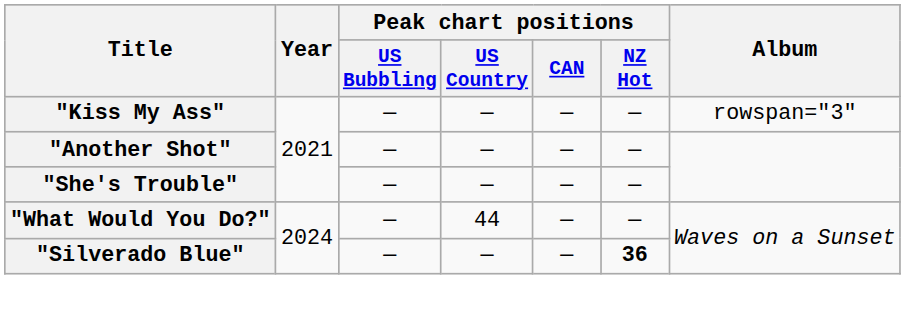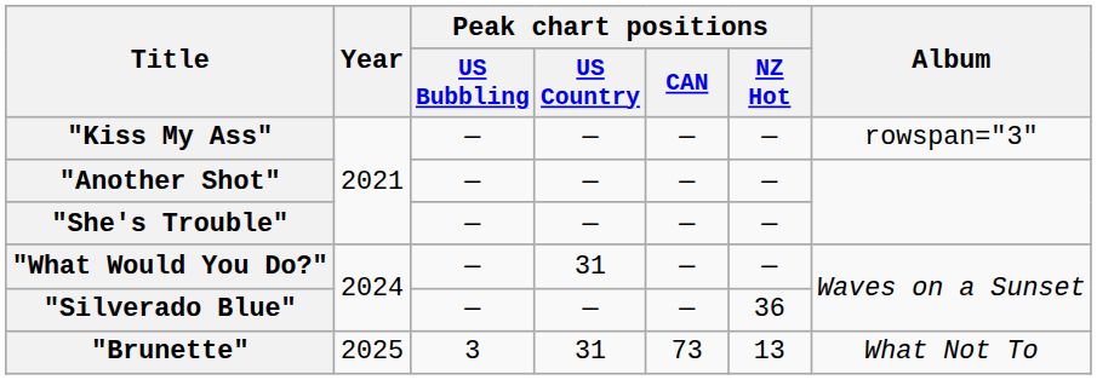 <table class="wikitable plainrowheaders" style="text-align:center;">
 <tr>
 <th scope="col" rowspan="2">Title</th>
 <th scope="col" rowspan="2">Year</th>
 <th scope="col" colspan="4">Peak chart positions</th>
 <th scope="col" rowspan="2">Album</th>
 </tr>
 <tr>
 <th scope="col" style="width:3em;font-size:90%;"><a href='#'>US<br>Bubbling</a><br></th>
 <th scope="col" style="width:3em;font-size:90%;"><a href='#'>US Country</a><br></th>
 <th scope="col" style="width:3em;font-size:90%;"><a href='#'>CAN</a><br></th>
 <th scope="col" style="width:3em;font-size:90%;"><a href='#'>NZ Hot</a><br></th>
 </tr>
 <tr>
 <th scope="row">"Kiss My Ass"</th>
 <td rowspan="3">2021</td>
 <td>—</td>
 <td>—</td>
 <td>—</td>
 <td>—</td>
 <td>rowspan="3" </td>
 </tr>
 <tr>
 <th scope="row">"Another Shot"</th>
 <td>—</td>
 <td>—</td>
 <td>—</td>
 <td>—</td>
 </tr>
 <tr>
 <th scope="row">"She's Trouble"</th>
 <td>—</td>
 <td>—</td>
 <td>—</td>
 <td>—</td>
 </tr>
 <tr>
 <th scope="row">"What Would You Do?"</th>
 <td rowspan="2">2024</td>
 <td>—</td>
-<td>44</td>
+<td>31</td>
 <td>—</td>
 <td>—</td>
 <td rowspan="2"><em>Waves on a Sunset</em></td>
 </tr>
 <tr>
 <th scope="row">"Silverado Blue"</th>
 <td>—</td>
 <td>—</td>
 <td>—</td>
-<td><strong>36</strong></td>
+<td>36</td>
+</tr>
+<tr>
+<th scope="row">"Brunette"</th>
+<td>2025</td>
+<td>3</td>
+<td>31</td>
+<td>73</td>
+<td>13</td>
+<td><em>What Not To</em></td>
 </tr>
 </table>
